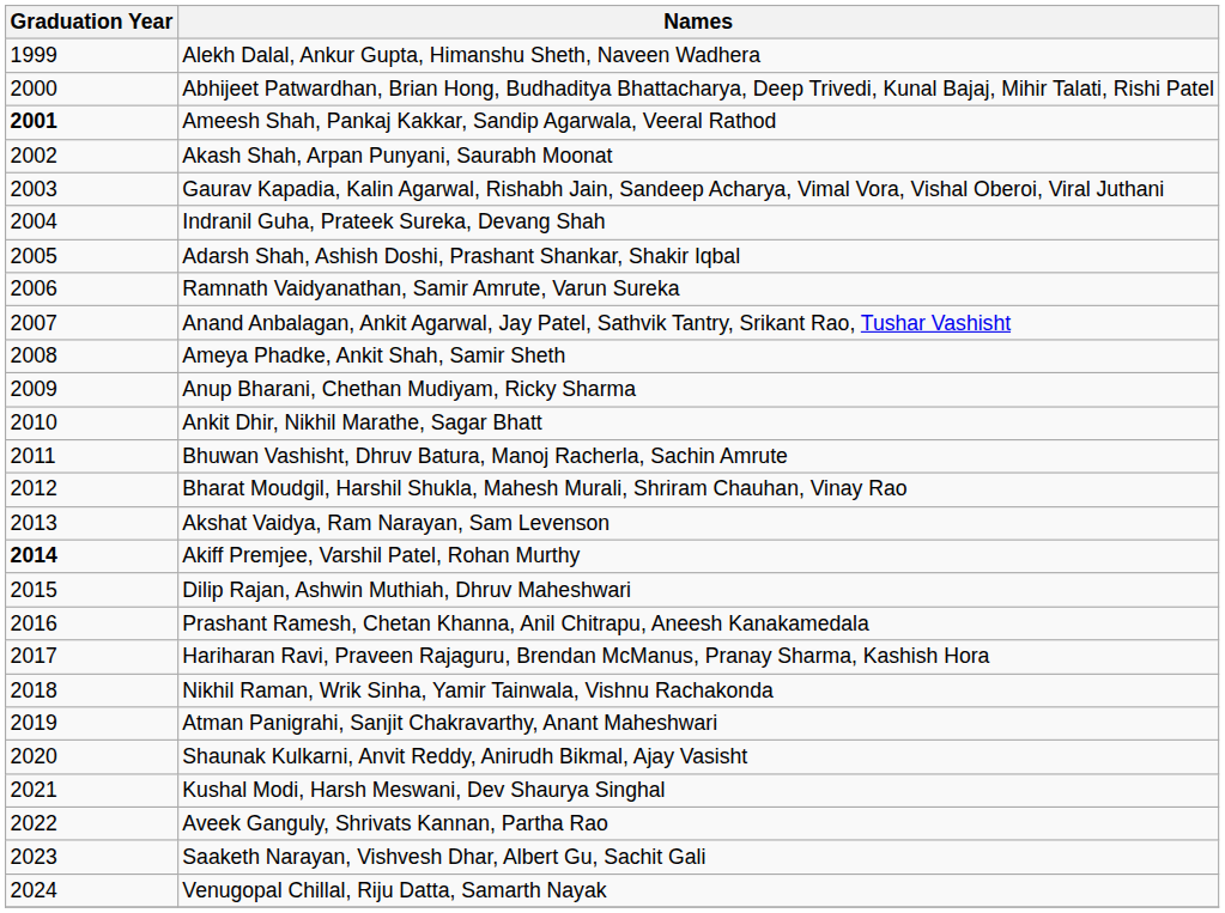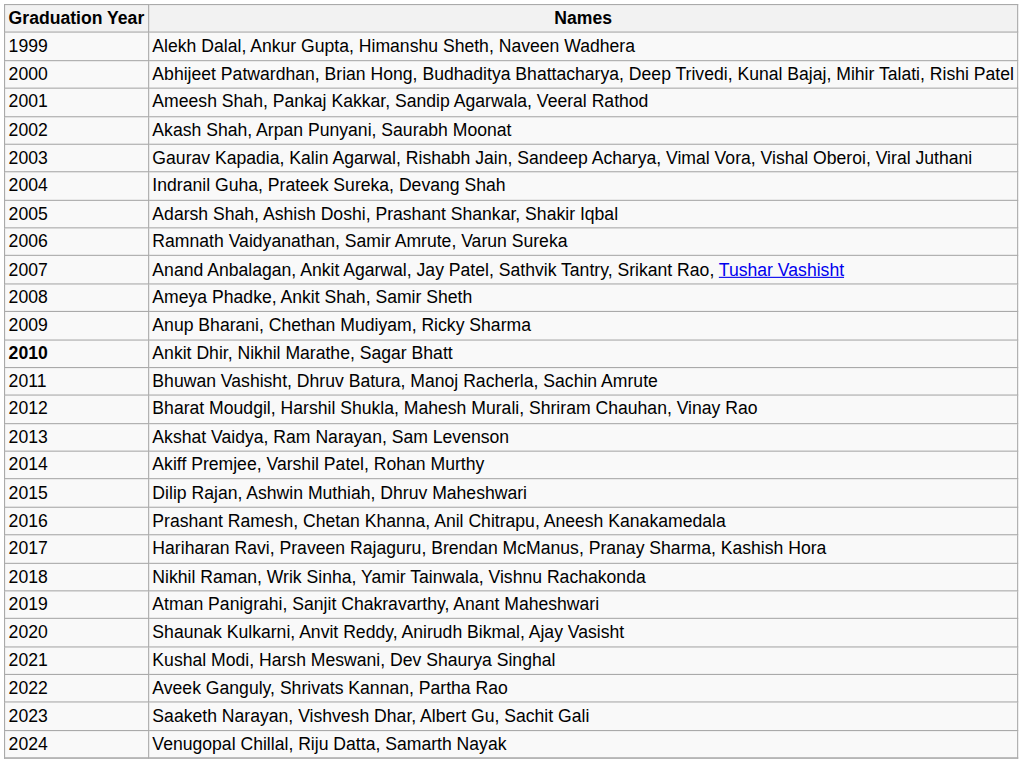 <table class="wikitable">
 <tr>
 <th>Graduation Year</th>
 <th>Names</th>
 </tr>
 <tr>
 <td>1999</td>
 <td>Alekh Dalal, Ankur Gupta, Himanshu Sheth, Naveen Wadhera</td>
 </tr>
 <tr>
 <td>2000</td>
 <td>Abhijeet Patwardhan, Brian Hong, Budhaditya Bhattacharya, Deep Trivedi, Kunal Bajaj, Mihir Talati, Rishi Patel</td>
 </tr>
 <tr>
-<td><strong>2001</strong></td>
+<td>2001</td>
 <td>Ameesh Shah, Pankaj Kakkar, Sandip Agarwala, Veeral Rathod</td>
 </tr>
 <tr>
 <td>2002</td>
 <td>Akash Shah, Arpan Punyani, Saurabh Moonat</td>
 </tr>
 <tr>
 <td>2003</td>
 <td>Gaurav Kapadia, Kalin Agarwal, Rishabh Jain, Sandeep Acharya, Vimal Vora, Vishal Oberoi, Viral Juthani</td>
 </tr>
 <tr>
 <td>2004</td>
 <td>Indranil Guha, Prateek Sureka, Devang Shah</td>
 </tr>
 <tr>
 <td>2005</td>
 <td>Adarsh Shah, Ashish Doshi, Prashant Shankar, Shakir Iqbal</td>
 </tr>
 <tr>
 <td>2006</td>
 <td>Ramnath Vaidyanathan, Samir Amrute, Varun Sureka</td>
 </tr>
 <tr>
 <td>2007</td>
 <td>Anand Anbalagan, Ankit Agarwal, Jay Patel, Sathvik Tantry, Srikant Rao, <a href='#'>Tushar Vashisht</a></td>
 </tr>
 <tr>
 <td>2008</td>
 <td>Ameya Phadke, Ankit Shah, Samir Sheth</td>
 </tr>
 <tr>
 <td>2009</td>
 <td>Anup Bharani, Chethan Mudiyam, Ricky Sharma</td>
 </tr>
 <tr>
-<td>2010</td>
+<td><strong>2010</strong></td>
 <td>Ankit Dhir, Nikhil Marathe, Sagar Bhatt</td>
 </tr>
 <tr>
 <td>2011</td>
 <td>Bhuwan Vashisht, Dhruv Batura, Manoj Racherla, Sachin Amrute</td>
 </tr>
 <tr>
 <td>2012</td>
 <td>Bharat Moudgil, Harshil Shukla, Mahesh Murali, Shriram Chauhan, Vinay Rao</td>
 </tr>
 <tr>
 <td>2013</td>
 <td>Akshat Vaidya, Ram Narayan, Sam Levenson</td>
 </tr>
 <tr>
-<td><strong>2014</strong></td>
+<td>2014</td>
 <td>Akiff Premjee, Varshil Patel, Rohan Murthy</td>
 </tr>
 <tr>
 <td>2015</td>
 <td>Dilip Rajan, Ashwin Muthiah, Dhruv Maheshwari</td>
 </tr>
 <tr>
 <td>2016</td>
 <td>Prashant Ramesh, Chetan Khanna, Anil Chitrapu, Aneesh Kanakamedala</td>
 </tr>
 <tr>
 <td>2017</td>
 <td>Hariharan Ravi, Praveen Rajaguru, Brendan McManus, Pranay Sharma, Kashish Hora</td>
 </tr>
 <tr>
 <td>2018</td>
 <td>Nikhil Raman, Wrik Sinha, Yamir Tainwala, Vishnu Rachakonda</td>
 </tr>
 <tr>
 <td>2019</td>
 <td>Atman Panigrahi, Sanjit Chakravarthy, Anant Maheshwari</td>
 </tr>
 <tr>
 <td>2020</td>
 <td>Shaunak Kulkarni, Anvit Reddy, Anirudh Bikmal, Ajay Vasisht</td>
 </tr>
 <tr>
 <td>2021</td>
 <td>Kushal Modi, Harsh Meswani, Dev Shaurya Singhal</td>
 </tr>
 <tr>
 <td>2022</td>
 <td>Aveek Ganguly, Shrivats Kannan, Partha Rao</td>
 </tr>
 <tr>
 <td>2023</td>
 <td>Saaketh Narayan, Vishvesh Dhar, Albert Gu, Sachit Gali</td>
 </tr>
 <tr>
 <td>2024</td>
 <td>Venugopal Chillal, Riju Datta, Samarth Nayak</td>
 </tr>
 <tr>
 </tr>
 </table>
